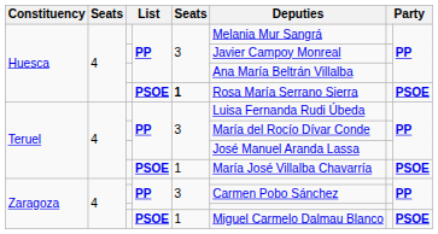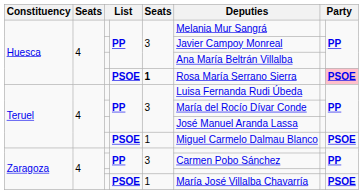 <table class="wikitable sortable">
 <tr>
 <th>Constituency</th>
 <th>Seats</th>
 <th colspan="2">List</th>
 <th>Seats</th>
 <th>Deputies</th>
 <th colspan="2">Party</th>
 </tr>
 <tr>
 <td rowspan="4"><a href='#'>Huesca</a></td>
 <td rowspan="4">4</td>
 <td></td>
 <td rowspan="3"><strong><a href='#'>PP</a></strong></td>
 <td rowspan="3">3</td>
 <td><a href='#'>Melania Mur Sangrá</a></td>
 <td></td>
 <td rowspan="3"><strong><a href='#'>PP</a></strong></td>
 </tr>
 <tr>
 <td></td>
 <td><a href='#'>Javier Campoy Monreal</a></td>
 <td></td>
 </tr>
 <tr>
 <td></td>
 <td><a href='#'>Ana María Beltrán Villalba</a></td>
 <td></td>
 </tr>
 <tr>
 <td width="1"></td>
 <td><strong><a href='#'>PSOE</a></strong></td>
 <td><strong>1</strong></td>
 <td><a href='#'>Rosa María Serrano Sierra</a></td>
 <td width="1"></td>
-<td><strong><a href='#'>PSOE</a></strong></td>
+<td style="background: pink;"><strong><a href='#'>PSOE</a></strong></td>
 </tr>
 <tr>
 <td rowspan="4"><a href='#'>Teruel</a></td>
 <td rowspan="4">4</td>
 <td></td>
 <td rowspan="3"><strong><a href='#'>PP</a></strong></td>
 <td rowspan="3">3</td>
 <td><a href='#'>Luisa Fernanda Rudi Úbeda</a></td>
 <td></td>
 <td rowspan="3"><strong><a href='#'>PP</a></strong></td>
 </tr>
 <tr>
 <td></td>
 <td><a href='#'>María del Rocío Dívar Conde</a></td>
 <td></td>
 </tr>
 <tr>
 <td></td>
 <td><a href='#'>José Manuel Aranda Lassa</a></td>
 <td></td>
 </tr>
 <tr>
 <td width="1"></td>
 <td><strong><a href='#'>PSOE</a></strong></td>
 <td>1</td>
-<td><a href='#'>María José Villalba Chavarría</a></td>
+<td><a href='#'>Miguel Carmelo Dalmau Blanco</a></td>
 <td width="1"></td>
 <td><strong><a href='#'>PSOE</a></strong></td>
 </tr>
 <tr>
 <td rowspan="4"><a href='#'>Zaragoza</a></td>
 <td rowspan="4">4</td>
 <td></td>
 <td rowspan="3"><strong><a href='#'>PP</a></strong></td>
 <td rowspan="3">3</td>
 <td></td>
 <td></td>
 <td rowspan="3"><strong><a href='#'>PP</a></strong></td>
 </tr>
 <tr>
 <td></td>
 <td><a href='#'>Carmen Pobo Sánchez</a></td>
 <td></td>
 </tr>
 <tr>
 <td></td>
 <td></td>
 <td></td>
 </tr>
 <tr>
 <td width="1"></td>
 <td><strong><a href='#'>PSOE</a></strong></td>
 <td>1</td>
-<td><a href='#'>Miguel Carmelo Dalmau Blanco</a></td>
+<td><a href='#'>María José Villalba Chavarría</a></td>
 <td width="1"></td>
 <td><strong><a href='#'>PSOE</a></strong></td>
 </tr>
 </table>
